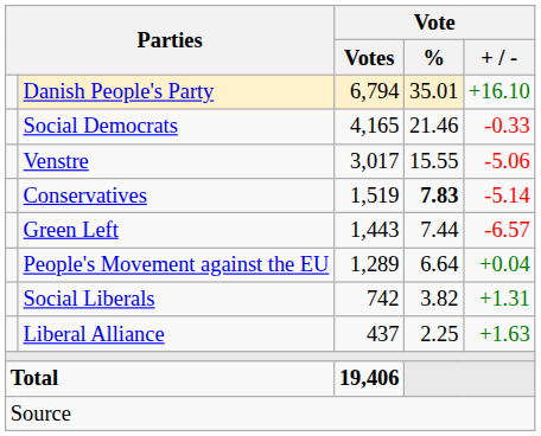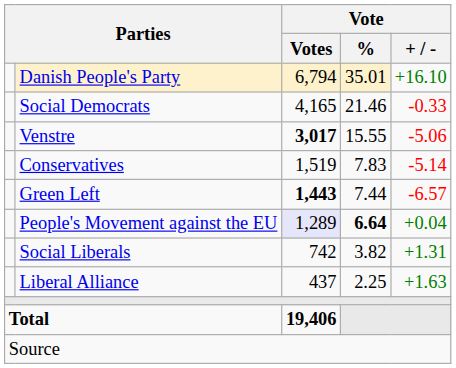 <table class="wikitable" style="text-align:right;">
 <tr>
 <th style="text-align:centre;" rowspan="2" colspan="2" width="225">Parties</th>
 <th colspan="3">Vote</th>
 </tr>
 <tr>
 <th width="15">Votes</th>
 <th width="15">%</th>
 <th width="15">+ / -</th>
 </tr>
 <tr>
 <td width="2" style="color:inherit;background:"></td>
 <td bgcolor=#fef2cc   align="left"><a href='#'>Danish People's Party</a></td>
 <td bgcolor=#fef2cc>6,794</td>
 <td bgcolor=#fef2cc>35.01</td>
 <td style=color:green;>+16.10</td>
 </tr>
 <tr>
 <td width="2" style="color:inherit;background:"></td>
 <td align="left"><a href='#'>Social Democrats</a></td>
 <td>4,165</td>
 <td>21.46</td>
 <td style=color:red;>-0.33</td>
 </tr>
 <tr>
 <td width="2" style="color:inherit;background:"></td>
 <td align="left"><a href='#'>Venstre</a></td>
-<td>3,017</td>
+<td><strong>3,017</strong></td>
 <td>15.55</td>
 <td style=color:red;>-5.06</td>
 </tr>
 <tr>
 <td width="2" style="color:inherit;background:"></td>
 <td align="left"><a href='#'>Conservatives</a></td>
 <td>1,519</td>
-<td><strong>7.83</strong></td>
+<td>7.83</td>
 <td style=color:red;>-5.14</td>
 </tr>
 <tr>
 <td width="2" style="color:inherit;background:"></td>
 <td align="left"><a href='#'>Green Left</a></td>
-<td>1,443</td>
+<td><strong>1,443</strong></td>
 <td>7.44</td>
 <td style=color:red;>-6.57</td>
 </tr>
 <tr>
 <td width="2" style="color:inherit;background:"></td>
 <td align="left"><a href='#'>People's Movement against the EU</a></td>
-<td>1,289</td>
-<td>6.64</td>
+<td style="background: lavender;">1,289</td>
+<td><strong>6.64</strong></td>
 <td style=color:green;>+0.04</td>
 </tr>
 <tr>
 <td width="2" style="color:inherit;background:"></td>
 <td align="left"><a href='#'>Social Liberals</a></td>
 <td>742</td>
 <td>3.82</td>
 <td style=color:green;>+1.31</td>
 </tr>
 <tr>
 <td width="2" style="color:inherit;background:"></td>
 <td align="left"><a href='#'>Liberal Alliance</a></td>
 <td>437</td>
 <td>2.25</td>
 <td style=color:green;>+1.63</td>
 </tr>
 <tr>
 <td colspan="7" bgcolor="#E9E9E9"></td>
 </tr>
 <tr>
 <td align="left" colspan="2"><strong>Total</strong></td>
 <td><strong>19,406</strong></td>
 <td bgcolor="#E9E9E9" colspan="2"></td>
 </tr>
 <tr>
 <td align="left" colspan="6">Source</td>
 </tr>
 </table>
